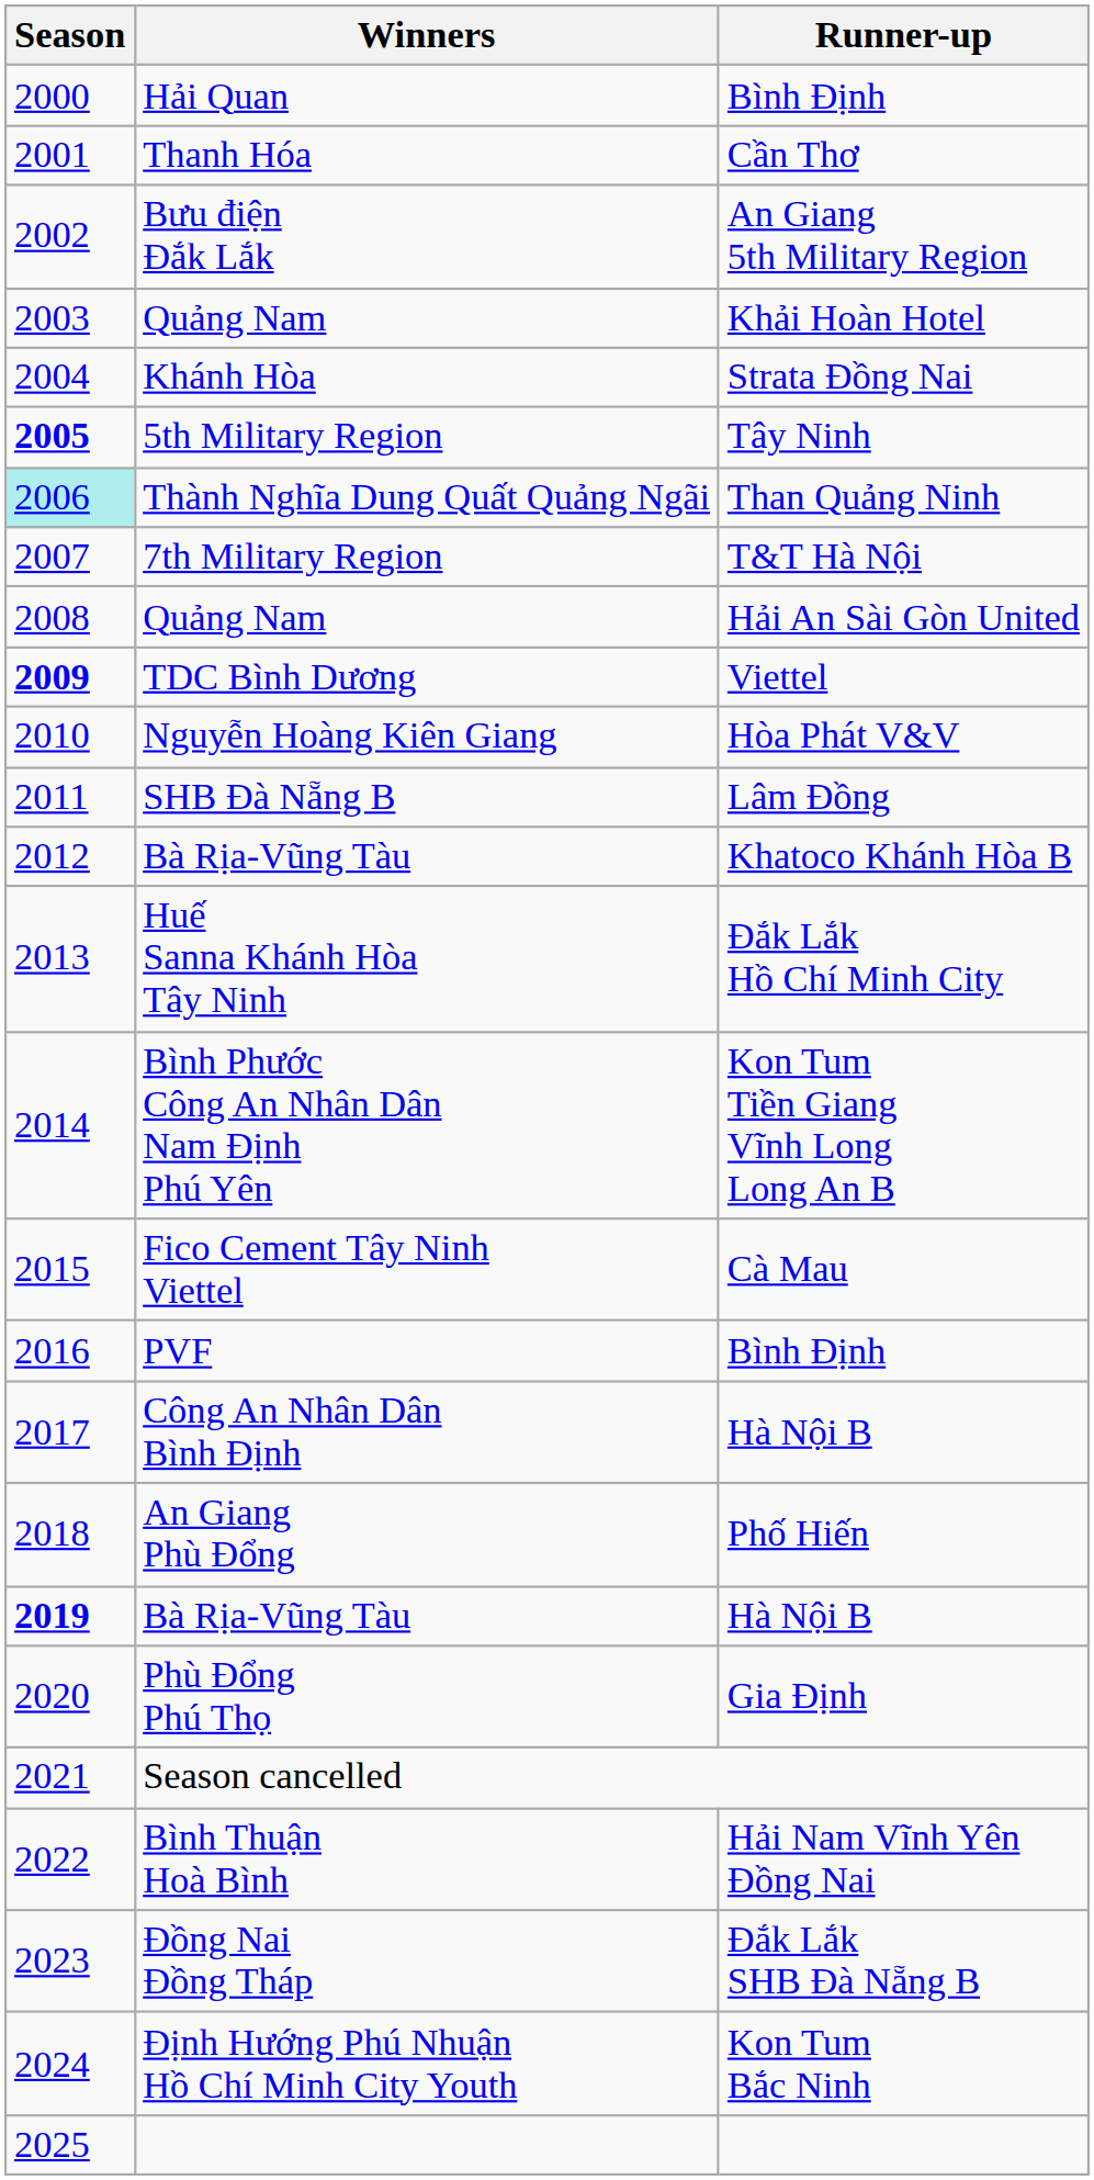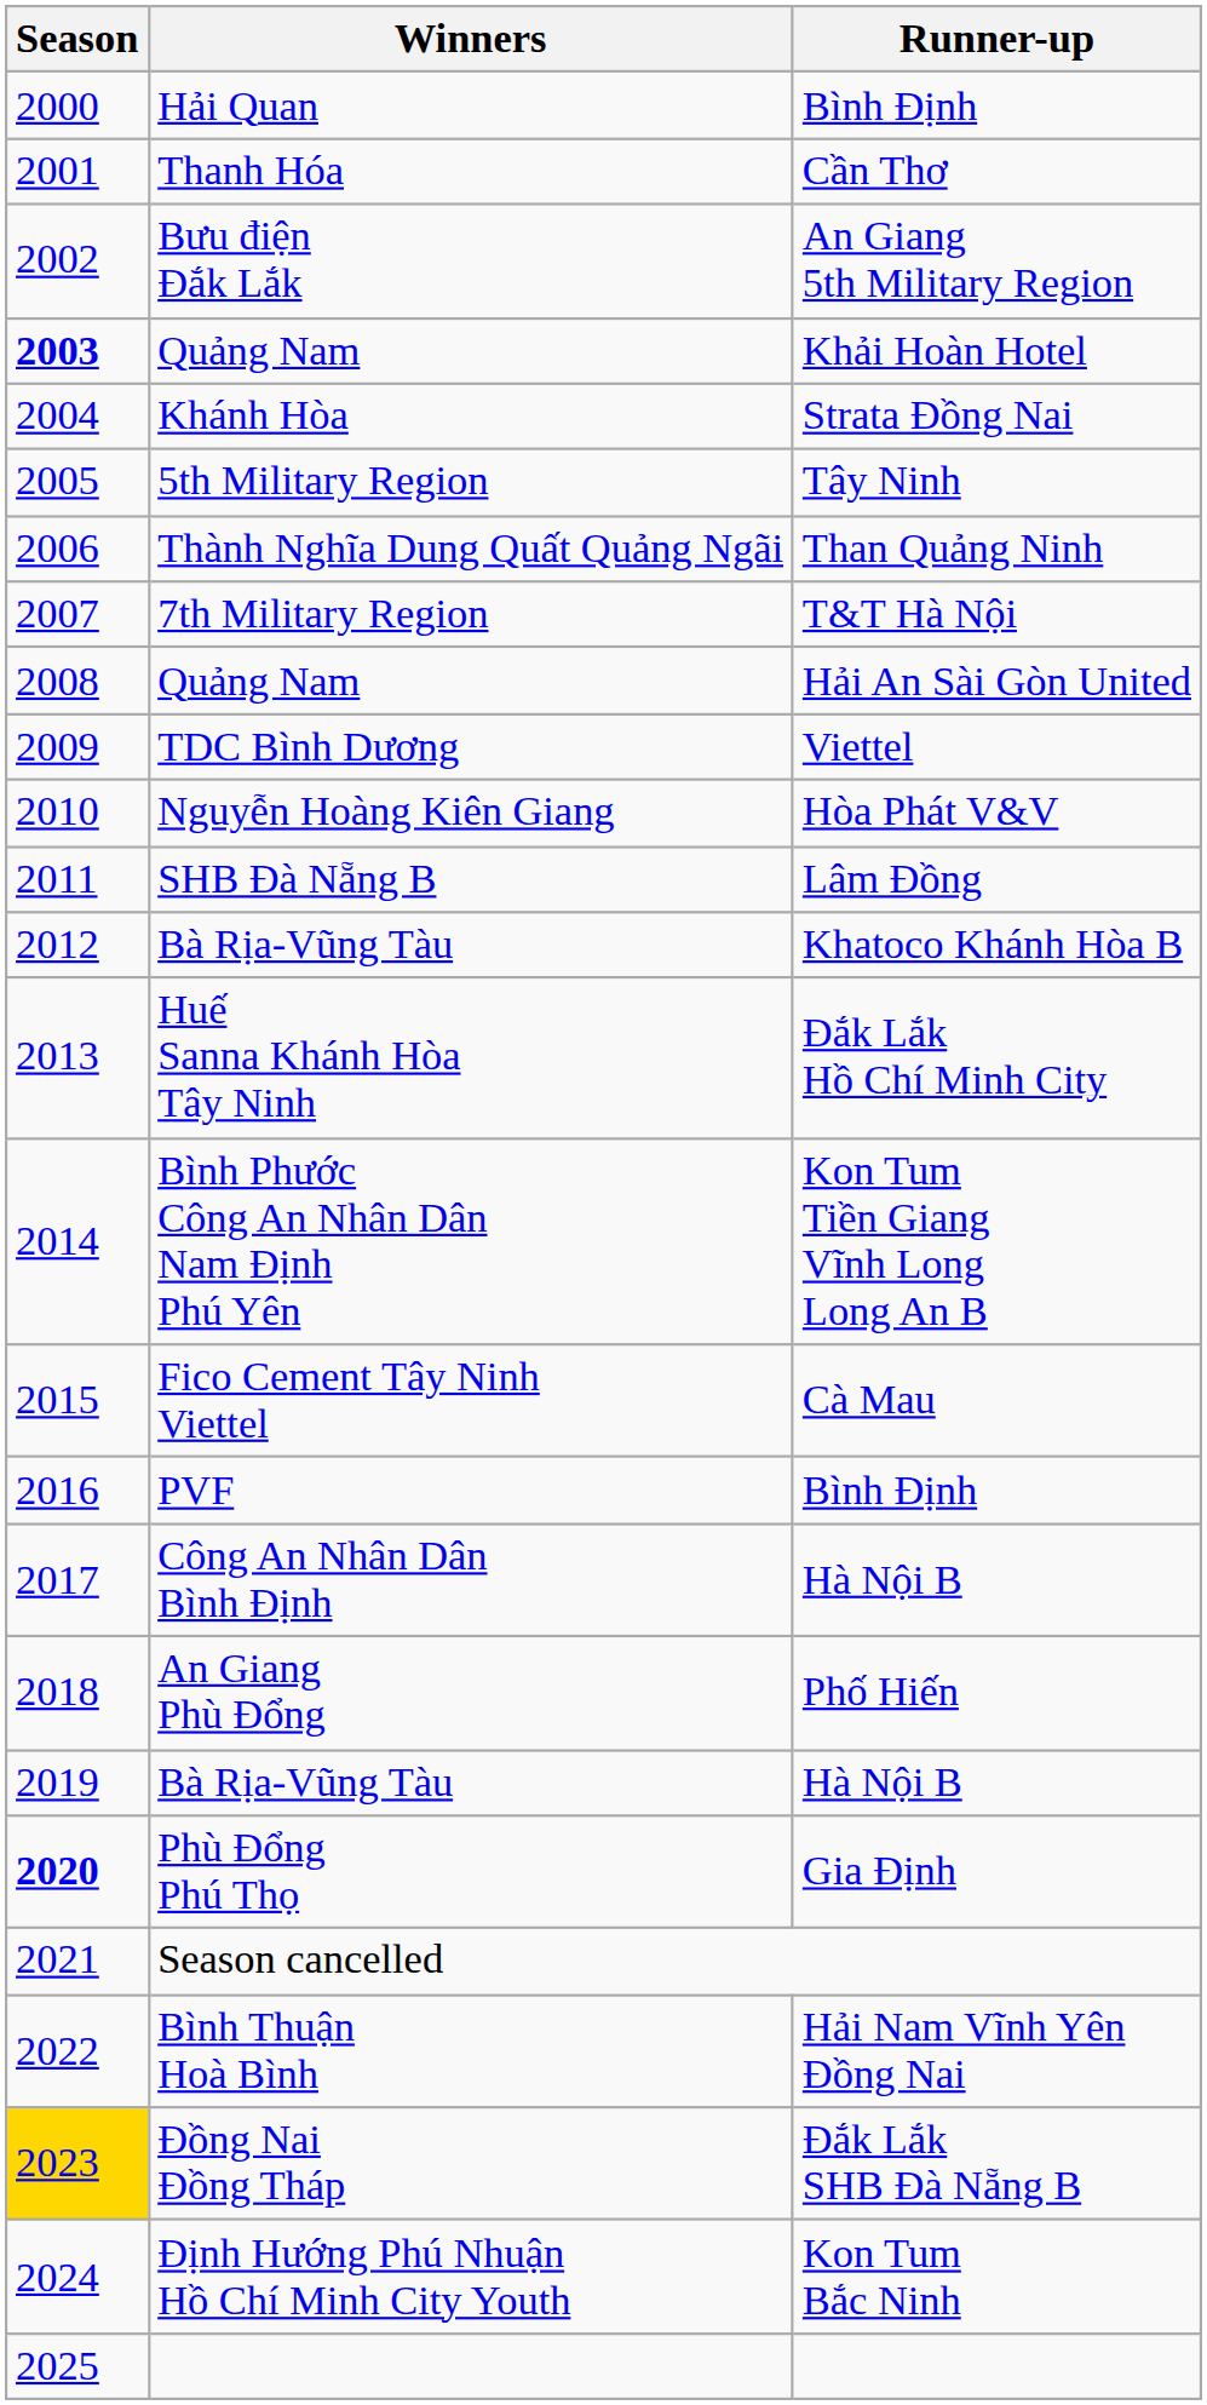 <table class="wikitable">
 <tr>
 <th>Season</th>
 <th>Winners</th>
 <th>Runner-up</th>
 </tr>
 <tr>
 <td><a href='#'>2000</a></td>
 <td><a href='#'>Hải Quan</a></td>
 <td><a href='#'>Bình Định</a></td>
 </tr>
 <tr>
 <td><a href='#'>2001</a></td>
 <td><a href='#'>Thanh Hóa</a></td>
 <td><a href='#'>Cần Thơ</a></td>
 </tr>
 <tr>
 <td><a href='#'>2002</a></td>
 <td><a href='#'>Bưu điện</a><br><a href='#'>Đắk Lắk</a></td>
 <td><a href='#'>An Giang</a><br><a href='#'>5th Military Region</a></td>
 </tr>
 <tr>
-<td><a href='#'>2003</a></td>
+<td><strong><a href='#'>2003</a></strong></td>
 <td><a href='#'>Quảng Nam</a></td>
 <td><a href='#'>Khải Hoàn Hotel</a></td>
 </tr>
 <tr>
 <td><a href='#'>2004</a></td>
 <td><a href='#'>Khánh Hòa</a></td>
 <td><a href='#'>Strata Đồng Nai</a></td>
 </tr>
 <tr>
-<td><strong><a href='#'>2005</a></strong></td>
+<td><a href='#'>2005</a></td>
 <td><a href='#'>5th Military Region</a></td>
 <td><a href='#'>Tây Ninh</a></td>
 </tr>
 <tr>
-<td style="background: paleturquoise;"><a href='#'>2006</a></td>
+<td><a href='#'>2006</a></td>
 <td><a href='#'>Thành Nghĩa Dung Quất Quảng Ngãi</a></td>
 <td><a href='#'>Than Quảng Ninh</a></td>
 </tr>
 <tr>
 <td><a href='#'>2007</a></td>
 <td><a href='#'>7th Military Region</a></td>
 <td><a href='#'>T&T Hà Nội</a></td>
 </tr>
 <tr>
 <td><a href='#'>2008</a></td>
 <td><a href='#'>Quảng Nam</a></td>
 <td><a href='#'>Hải An Sài Gòn United</a></td>
 </tr>
 <tr>
-<td><strong><a href='#'>2009</a></strong></td>
+<td><a href='#'>2009</a></td>
 <td><a href='#'>TDC Bình Dương</a></td>
 <td><a href='#'>Viettel</a></td>
 </tr>
 <tr>
 <td><a href='#'>2010</a></td>
 <td><a href='#'>Nguyễn Hoàng Kiên Giang</a></td>
 <td><a href='#'>Hòa Phát V&V</a></td>
 </tr>
 <tr>
 <td><a href='#'>2011</a></td>
 <td><a href='#'>SHB Đà Nẵng B</a></td>
 <td><a href='#'>Lâm Đồng</a></td>
 </tr>
 <tr>
 <td><a href='#'>2012</a></td>
 <td><a href='#'>Bà Rịa-Vũng Tàu</a></td>
 <td><a href='#'>Khatoco Khánh Hòa B</a></td>
 </tr>
 <tr>
 <td><a href='#'>2013</a></td>
 <td><a href='#'>Huế</a> <br> <a href='#'>Sanna Khánh Hòa</a><br><a href='#'>Tây Ninh</a></td>
 <td><a href='#'>Đắk Lắk</a><br><a href='#'>Hồ Chí Minh City</a></td>
 </tr>
 <tr>
 <td><a href='#'>2014</a></td>
 <td><a href='#'>Bình Phước</a><br><a href='#'>Công An Nhân Dân</a><br><a href='#'>Nam Định</a><br><a href='#'>Phú Yên</a></td>
 <td><a href='#'>Kon Tum</a><br><a href='#'>Tiền Giang</a><br><a href='#'>Vĩnh Long</a><br><a href='#'>Long An B</a></td>
 </tr>
 <tr>
 <td><a href='#'>2015</a></td>
 <td><a href='#'>Fico Cement Tây Ninh</a><br><a href='#'>Viettel</a></td>
 <td><a href='#'>Cà Mau</a></td>
 </tr>
 <tr>
 <td><a href='#'>2016</a></td>
 <td><a href='#'>PVF</a></td>
 <td><a href='#'>Bình Định</a></td>
 </tr>
 <tr>
 <td><a href='#'>2017</a></td>
 <td><a href='#'>Công An Nhân Dân</a><br><a href='#'>Bình Định</a></td>
 <td><a href='#'>Hà Nội B</a></td>
 </tr>
 <tr>
 <td><a href='#'>2018</a></td>
 <td><a href='#'>An Giang</a><br><a href='#'>Phù Đổng</a></td>
 <td><a href='#'>Phố Hiến</a></td>
 </tr>
 <tr>
-<td><strong><a href='#'>2019</a></strong></td>
+<td><a href='#'>2019</a></td>
 <td><a href='#'>Bà Rịa-Vũng Tàu</a></td>
 <td><a href='#'>Hà Nội B</a></td>
 </tr>
 <tr>
-<td><a href='#'>2020</a></td>
+<td><strong><a href='#'>2020</a></strong></td>
 <td><a href='#'>Phù Đổng</a><br><a href='#'>Phú Thọ</a></td>
 <td><a href='#'>Gia Định</a></td>
 </tr>
 <tr>
 <td><a href='#'>2021</a></td>
 <td colspan='2'><div>Season cancelled</div></td>
 </tr>
 <tr>
 <td><a href='#'>2022</a></td>
 <td><a href='#'>Bình Thuận</a><br><a href='#'>Hoà Bình</a></td>
 <td><a href='#'>Hải Nam Vĩnh Yên</a><br><a href='#'>Đồng Nai</a></td>
 </tr>
 <tr>
-<td><a href='#'>2023</a></td>
+<td style="background: gold;"><a href='#'>2023</a></td>
 <td><a href='#'>Đồng Nai</a><br><a href='#'>Đồng Tháp</a></td>
 <td><a href='#'>Đắk Lắk</a><br><a href='#'>SHB Đà Nẵng B</a></td>
 </tr>
 <tr>
 <td><a href='#'>2024</a></td>
 <td><a href='#'>Định Hướng Phú Nhuận</a><br><a href='#'>Hồ Chí Minh City Youth</a></td>
 <td><a href='#'>Kon Tum</a><br><a href='#'>Bắc Ninh</a></td>
 </tr>
 <tr>
 <td><a href='#'>2025</a></td>
 <td></td>
 <td></td>
 </tr>
 </table>
